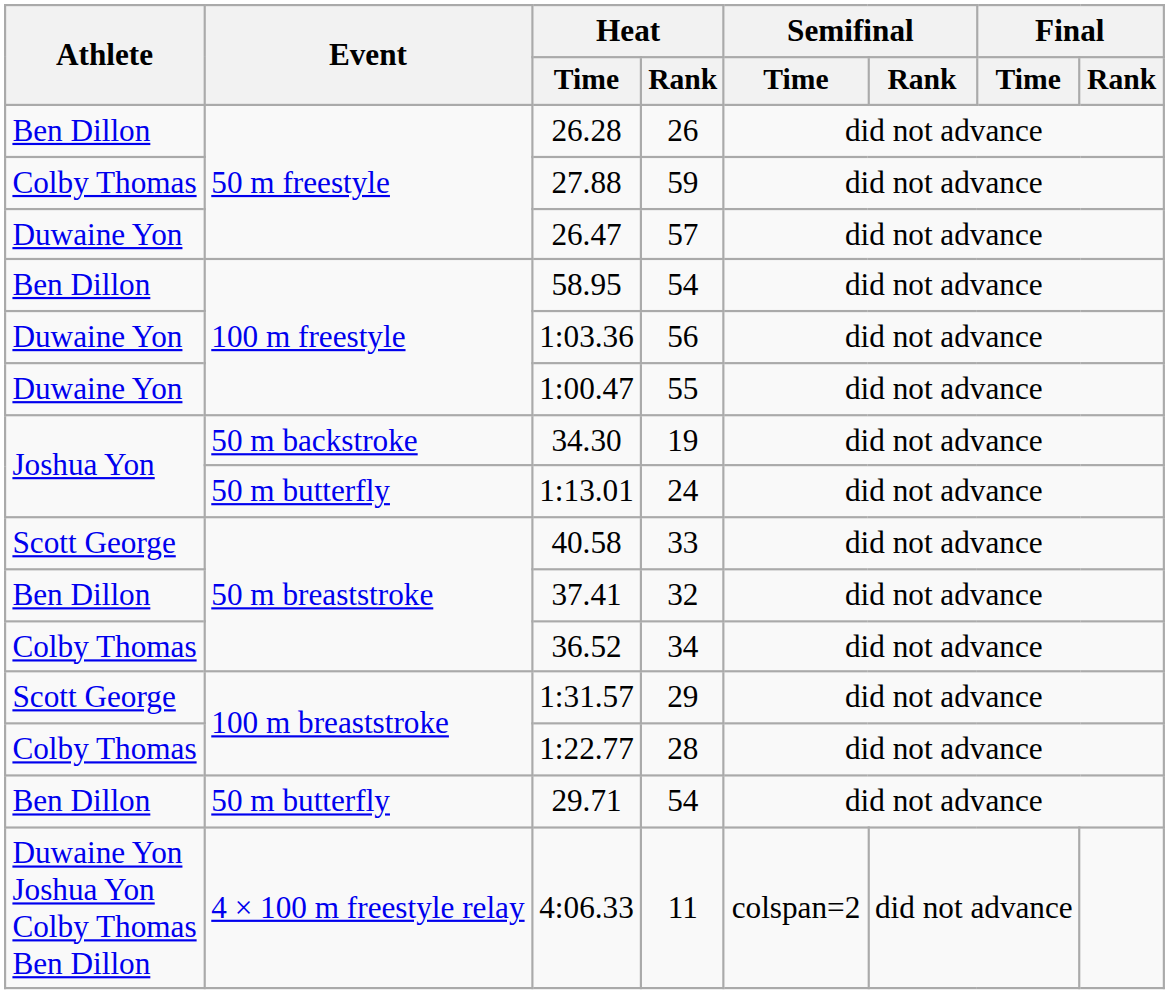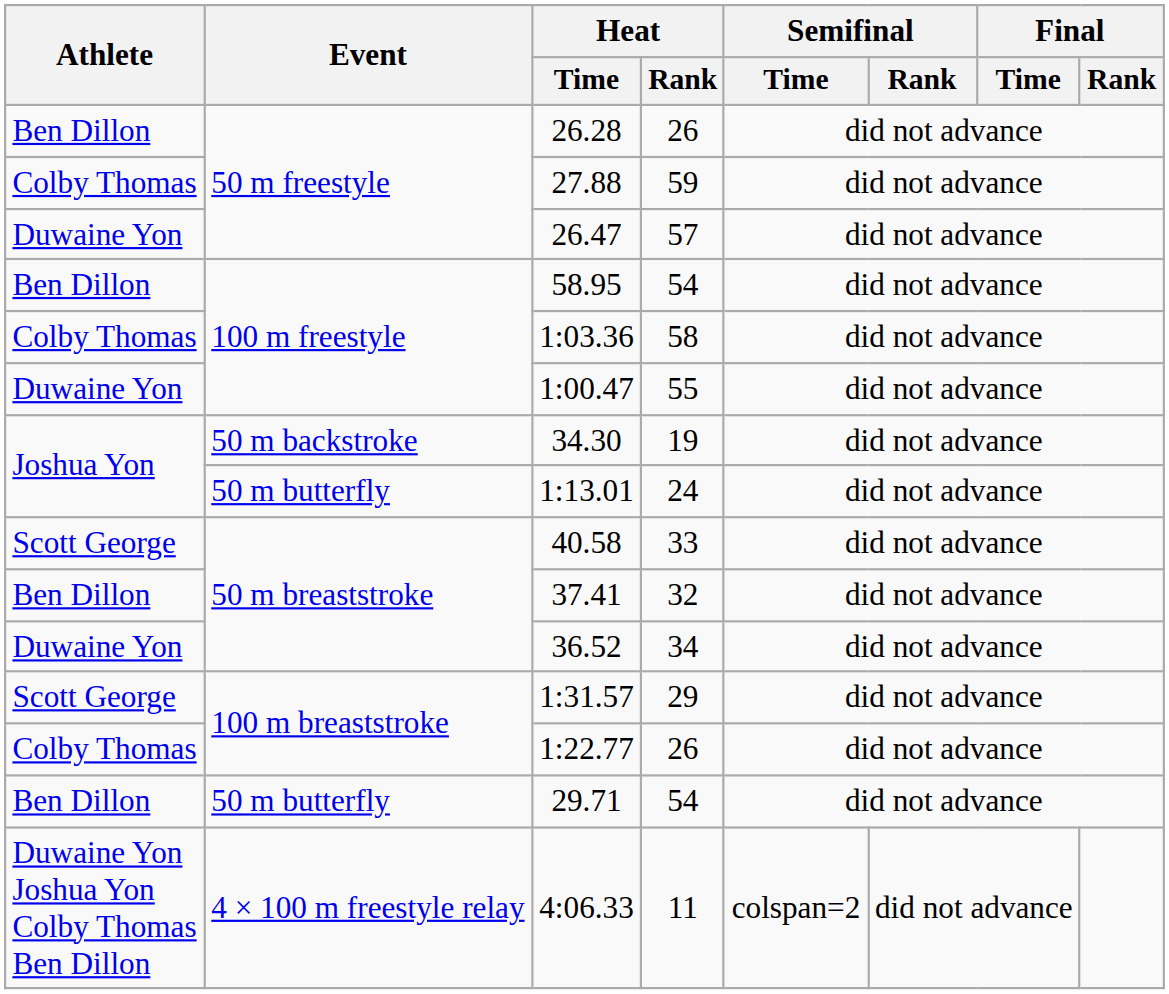 <table class=wikitable style=font-size:90%>
 <tr>
 <th rowspan=2>Athlete</th>
 <th rowspan=2>Event</th>
 <th colspan=2>Heat</th>
 <th colspan=2>Semifinal</th>
 <th colspan=2>Final</th>
 </tr>
 <tr style=font-size:95%>
 <th>Time</th>
 <th>Rank</th>
 <th>Time</th>
 <th>Rank</th>
 <th>Time</th>
 <th>Rank</th>
 </tr>
 <tr align=center>
 <td align=left><a href='#'>Ben Dillon</a></td>
 <td align=left rowspan=3><a href='#'>50 m freestyle</a></td>
 <td>26.28</td>
 <td>26</td>
 <td colspan=4>did not advance</td>
 </tr>
 <tr align=center>
 <td align=left><a href='#'>Colby Thomas</a></td>
 <td>27.88</td>
 <td>59</td>
 <td colspan=4>did not advance</td>
 </tr>
 <tr align=center>
 <td align=left><a href='#'>Duwaine Yon</a></td>
 <td>26.47</td>
 <td>57</td>
 <td colspan=4>did not advance</td>
 </tr>
 <tr align=center>
 <td align=left><a href='#'>Ben Dillon</a></td>
 <td align=left rowspan=3><a href='#'>100 m freestyle</a></td>
 <td>58.95</td>
 <td>54</td>
 <td Colspan=4>did not advance</td>
 </tr>
 <tr align=center>
-<td align=left><a href='#'>Duwaine Yon</a></td>
+<td align=left><a href='#'>Colby Thomas</a></td>
 <td>1:03.36</td>
-<td>56</td>
+<td>58</td>
 <td Colspan=4>did not advance</td>
 </tr>
 <tr align=center>
 <td align=left><a href='#'>Duwaine Yon</a></td>
 <td>1:00.47</td>
 <td>55</td>
 <td Colspan=4>did not advance</td>
 </tr>
 <tr align=center>
 <td align=left rowspan=2><a href='#'>Joshua Yon</a></td>
 <td align=left><a href='#'>50 m backstroke</a></td>
 <td>34.30</td>
 <td>19</td>
 <td colspan=4>did not advance</td>
 </tr>
 <tr align=center>
 <td align=left><a href='#'>50 m butterfly</a></td>
 <td>1:13.01</td>
 <td>24</td>
 <td colspan=4>did not advance</td>
 </tr>
 <tr align=center>
 <td align=left><a href='#'>Scott George</a></td>
 <td align=left rowspan=3><a href='#'>50 m breaststroke</a></td>
 <td>40.58</td>
 <td>33</td>
 <td colspan=4>did not advance</td>
 </tr>
 <tr align=center>
 <td align=left><a href='#'>Ben Dillon</a></td>
 <td>37.41</td>
 <td>32</td>
 <td colspan=4>did not advance</td>
 </tr>
 <tr align=center>
-<td align=left><a href='#'>Colby Thomas</a></td>
+<td align=left><a href='#'>Duwaine Yon</a></td>
 <td>36.52</td>
 <td>34</td>
 <td colspan=4>did not advance</td>
 </tr>
 <tr align=center>
 <td align=left><a href='#'>Scott George</a></td>
 <td align=left rowspan=2><a href='#'>100 m breaststroke</a></td>
 <td>1:31.57</td>
 <td>29</td>
 <td colspan=4>did not advance</td>
 </tr>
 <tr align=center>
 <td align=left><a href='#'>Colby Thomas</a></td>
 <td>1:22.77</td>
-<td>28</td>
+<td>26</td>
 <td colspan=4>did not advance</td>
 </tr>
 <tr align=center>
 <td align=left><a href='#'>Ben Dillon</a></td>
 <td align=left><a href='#'>50 m butterfly</a></td>
 <td>29.71</td>
 <td>54</td>
 <td colspan=4>did not advance</td>
 </tr>
 <tr align=center>
 <td align=left><a href='#'>Duwaine Yon</a><br><a href='#'>Joshua Yon</a><br><a href='#'>Colby Thomas</a><br><a href='#'>Ben Dillon</a></td>
 <td align=left><a href='#'>4 × 100 m freestyle relay</a></td>
 <td>4:06.33</td>
 <td>11</td>
 <td>colspan=2 </td>
 <td colspan=2>did not advance</td>
 </tr>
 </table>
